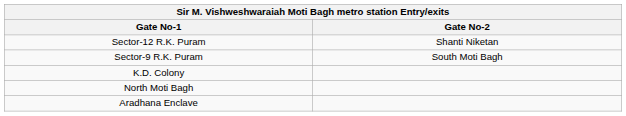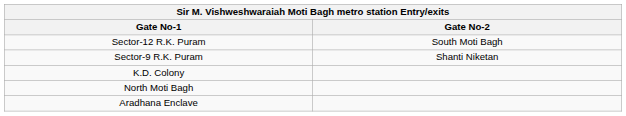 <table class="wikitable" style="text-align: center;" width="65%">
 <tr>
 <th align="center" colspan="5" style="background:#"><span>Sir M. Vishweshwaraiah Moti Bagh metro station Entry/exits</span></th>
 </tr>
 <tr>
 <th style="width:15%;">Gate No-1 </th>
 <th style="width:15%;">Gate No-2</th>
 </tr>
 <tr>
 <td>Sector-12 R.K. Puram</td>
-<td>Shanti Niketan</td>
+<td>South Moti Bagh</td>
 </tr>
 <tr>
 <td>Sector-9 R.K. Puram</td>
-<td>South Moti Bagh</td>
+<td>Shanti Niketan</td>
 </tr>
 <tr>
 <td>K.D. Colony</td>
 <td></td>
 </tr>
 <tr>
 <td>North Moti Bagh</td>
 <td></td>
 </tr>
 <tr>
 <td>Aradhana Enclave</td>
 <td></td>
 </tr>
 </table>
